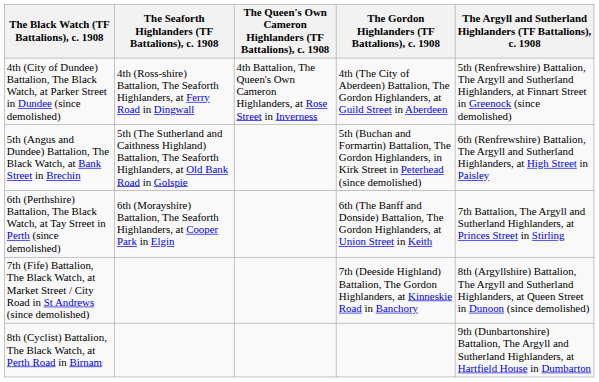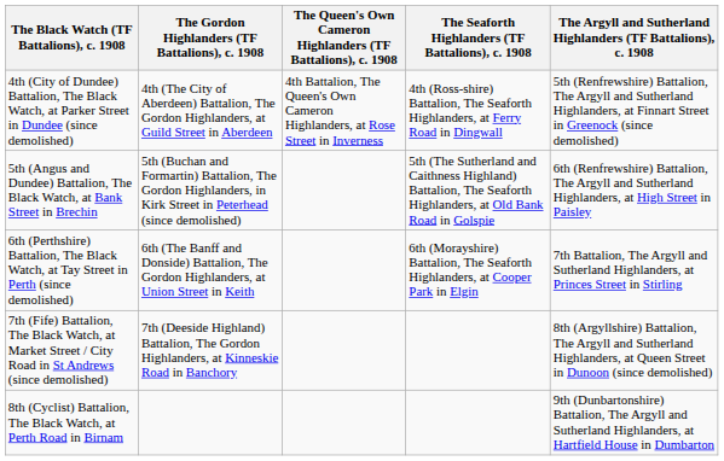 <table class="wikitable">
 <tr>
 <th>The Black Watch (TF Battalions), c. 1908</th>
+<th>The Gordon Highlanders (TF Battalions), c. 1908</th>
+<th>The Queen's Own Cameron Highlanders (TF Battalions), c. 1908</th>
 <th>The Seaforth Highlanders (TF Battalions), c. 1908</th>
-<th>The Queen's Own Cameron Highlanders (TF Battalions), c. 1908</th>
-<th>The Gordon Highlanders (TF Battalions), c. 1908</th>
 <th>The Argyll and Sutherland Highlanders (TF Battalions), c. 1908</th>
 </tr>
 <tr>
 <td>4th (City of Dundee) Battalion, The Black Watch, at Parker Street in <a href='#'>Dundee</a> (since demolished)</td>
+<td>4th (The City of Aberdeen) Battalion, The Gordon Highlanders, at <a href='#'>Guild Street</a> in <a href='#'>Aberdeen</a></td>
+<td>4th Battalion,  The Queen's Own Cameron Highlanders, at <a href='#'>Rose Street</a> in <a href='#'>Inverness</a></td>
 <td>4th (Ross-shire) Battalion, The Seaforth Highlanders, at <a href='#'>Ferry Road</a> in <a href='#'>Dingwall</a></td>
-<td>4th Battalion,  The Queen's Own Cameron Highlanders, at <a href='#'>Rose Street</a> in <a href='#'>Inverness</a></td>
-<td>4th (The City of Aberdeen) Battalion, The Gordon Highlanders, at <a href='#'>Guild Street</a> in <a href='#'>Aberdeen</a></td>
 <td>5th (Renfrewshire) Battalion, The Argyll and Sutherland Highlanders, at Finnart Street in <a href='#'>Greenock</a> (since demolished)</td>
 </tr>
 <tr>
 <td>5th (Angus and Dundee) Battalion, The Black Watch, at <a href='#'>Bank Street</a> in <a href='#'>Brechin</a></td>
+<td>5th (Buchan and Formartin) Battalion, The Gordon Highlanders, in Kirk Street in <a href='#'>Peterhead</a> (since demolished)</td>
+<td></td>
 <td>5th (The Sutherland and Caithness Highland) Battalion, The Seaforth Highlanders,  at <a href='#'>Old Bank Road</a> in <a href='#'>Golspie</a></td>
-<td></td>
-<td>5th (Buchan and Formartin) Battalion, The Gordon Highlanders, in Kirk Street in <a href='#'>Peterhead</a> (since demolished)</td>
 <td>6th (Renfrewshire) Battalion, The Argyll and Sutherland Highlanders, at <a href='#'>High Street</a> in <a href='#'>Paisley</a></td>
 </tr>
 <tr>
 <td>6th (Perthshire) Battalion, The Black Watch, at Tay Street in <a href='#'>Perth</a> (since demolished)</td>
+<td>6th (The Banff and Donside) Battalion, The Gordon Highlanders, at <a href='#'>Union Street</a> in <a href='#'>Keith</a></td>
+<td></td>
 <td>6th (Morayshire) Battalion, The Seaforth Highlanders, at <a href='#'>Cooper Park</a> in <a href='#'>Elgin</a></td>
-<td></td>
-<td>6th (The Banff and Donside) Battalion, The Gordon Highlanders, at <a href='#'>Union Street</a> in <a href='#'>Keith</a></td>
 <td>7th Battalion, The Argyll and Sutherland Highlanders, at <a href='#'>Princes Street</a> in <a href='#'>Stirling</a></td>
 </tr>
 <tr>
 <td>7th (Fife) Battalion, The Black Watch, at Market Street / City Road in <a href='#'>St Andrews</a> (since demolished)</td>
+<td>7th (Deeside Highland) Battalion, The Gordon Highlanders, at <a href='#'>Kinneskie Road</a> in <a href='#'>Banchory</a></td>
 <td></td>
 <td></td>
-<td>7th (Deeside Highland) Battalion, The Gordon Highlanders, at <a href='#'>Kinneskie Road</a> in <a href='#'>Banchory</a></td>
 <td>8th (Argyllshire) Battalion,  The Argyll and Sutherland Highlanders, at Queen Street in <a href='#'>Dunoon</a> (since demolished)</td>
 </tr>
 <tr>
 <td>8th (Cyclist) Battalion, The Black Watch, at <a href='#'>Perth Road</a> in <a href='#'>Birnam</a></td>
 <td></td>
 <td></td>
 <td></td>
 <td>9th (Dunbartonshire) Battalion, The Argyll and Sutherland Highlanders, at <a href='#'>Hartfield House</a> in <a href='#'>Dumbarton</a></td>
 </tr>
 </table>
